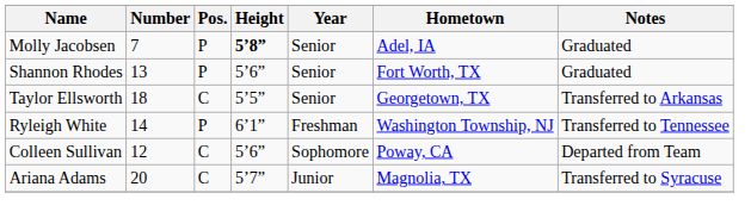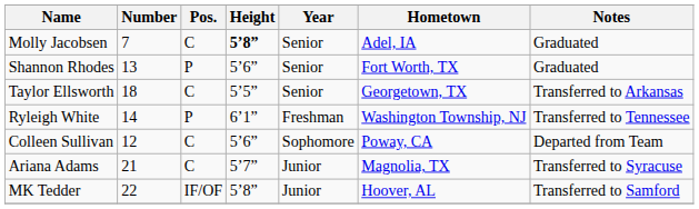 <table class="wikitable sortable collapsible">
 <tr>
 </tr>
 <tr>
 <th style="text-align:center; ">Name</th>
 <th style="text-align:center; ">Number</th>
 <th style="text-align:center; ">Pos.</th>
 <th style="text-align:center; ">Height</th>
 <th style="text-align:center; ">Year</th>
 <th style="text-align:center; ">Hometown</th>
 <th style="text-align:center; ">Notes</th>
 </tr>
 <tr>
 <td>Molly Jacobsen</td>
 <td>7</td>
-<td>P</td>
+<td>C</td>
 <td><strong>5’8”</strong></td>
 <td>Senior</td>
 <td><a href='#'>Adel, IA</a></td>
 <td>Graduated</td>
 </tr>
 <tr>
 <td>Shannon Rhodes</td>
 <td>13</td>
 <td>P</td>
 <td>5’6”</td>
 <td>Senior</td>
 <td><a href='#'>Fort Worth, TX</a></td>
 <td>Graduated</td>
 </tr>
 <tr>
 <td>Taylor Ellsworth</td>
 <td>18</td>
 <td>C</td>
 <td>5’5”</td>
 <td>Senior</td>
 <td><a href='#'>Georgetown, TX</a></td>
 <td>Transferred to <a href='#'>Arkansas</a></td>
 </tr>
 <tr>
 <td>Ryleigh White</td>
 <td>14</td>
 <td>P</td>
 <td>6’1”</td>
 <td>Freshman</td>
 <td><a href='#'>Washington Township, NJ</a></td>
 <td>Transferred to <a href='#'>Tennessee</a></td>
 </tr>
 <tr>
 <td>Colleen Sullivan</td>
 <td>12</td>
 <td>C</td>
 <td>5’6”</td>
 <td>Sophomore</td>
 <td><a href='#'>Poway, CA</a></td>
 <td>Departed from Team</td>
 </tr>
 <tr>
 <td>Ariana Adams</td>
-<td>20</td>
+<td>21</td>
 <td>C</td>
 <td>5’7”</td>
 <td>Junior</td>
 <td><a href='#'>Magnolia, TX</a></td>
 <td>Transferred to <a href='#'>Syracuse</a></td>
 </tr>
 <tr>
+<td>MK Tedder</td>
+<td>22</td>
+<td>IF/OF</td>
+<td>5’8”</td>
+<td>Junior</td>
+<td><a href='#'>Hoover, AL</a></td>
+<td>Transferred to <a href='#'>Samford</a></td>
+</tr>
+<tr>
 </tr>
 </table>
